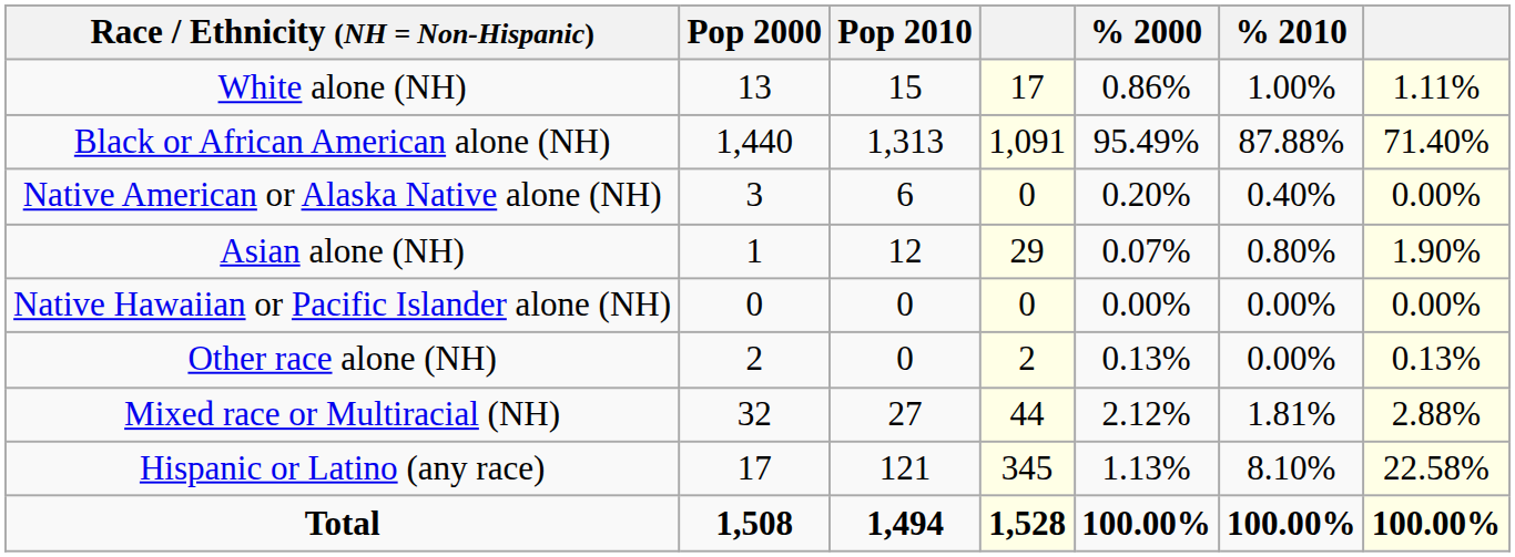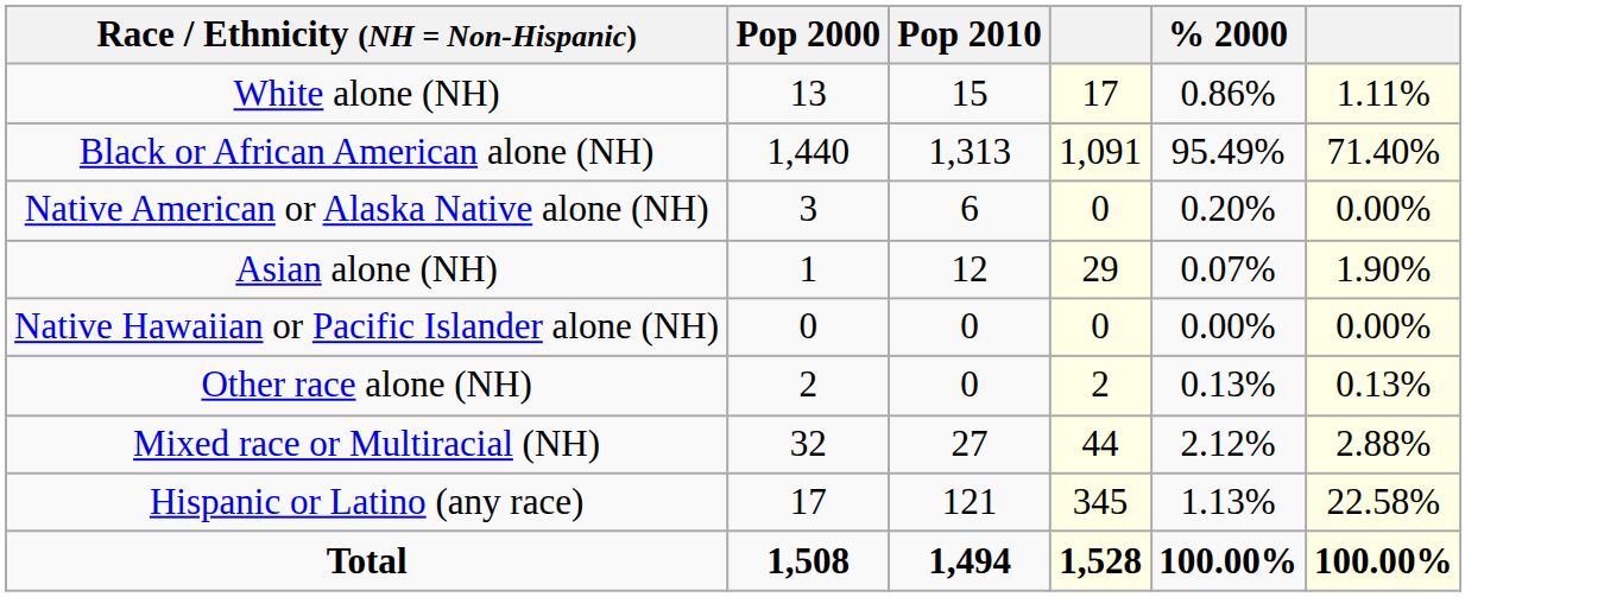 <table class="wikitable" style="text-align:center;">
 <tr>
 <th>Race / Ethnicity <small>(<em>NH = Non-Hispanic</em>)</small></th>
 <th>Pop 2000</th>
 <th>Pop 2010</th>
 <th></th>
 <th>% 2000</th>
-<th>% 2010</th>
 <th></th>
 </tr>
 <tr>
 <td><a href='#'>White</a> alone (NH)</td>
 <td>13</td>
 <td>15</td>
 <td style='background: #ffffe6;'>17</td>
 <td>0.86%</td>
-<td>1.00%</td>
 <td style='background: #ffffe6;'>1.11%</td>
 </tr>
 <tr>
 <td><a href='#'>Black or African American</a> alone (NH)</td>
 <td>1,440</td>
 <td>1,313</td>
 <td style='background: #ffffe6;'>1,091</td>
 <td>95.49%</td>
-<td>87.88%</td>
 <td style='background: #ffffe6;'>71.40%</td>
 </tr>
 <tr>
 <td><a href='#'>Native American</a> or <a href='#'>Alaska Native</a> alone (NH)</td>
 <td>3</td>
 <td>6</td>
 <td style='background: #ffffe6;'>0</td>
 <td>0.20%</td>
-<td>0.40%</td>
 <td style='background: #ffffe6;'>0.00%</td>
 </tr>
 <tr>
 <td><a href='#'>Asian</a> alone (NH)</td>
 <td>1</td>
 <td>12</td>
 <td style='background: #ffffe6;'>29</td>
 <td>0.07%</td>
-<td>0.80%</td>
 <td style='background: #ffffe6;'>1.90%</td>
 </tr>
 <tr>
 <td><a href='#'>Native Hawaiian</a> or <a href='#'>Pacific Islander</a> alone (NH)</td>
 <td>0</td>
 <td>0</td>
 <td style='background: #ffffe6;'>0</td>
-<td>0.00%</td>
 <td>0.00%</td>
 <td style='background: #ffffe6;'>0.00%</td>
 </tr>
 <tr>
 <td><a href='#'>Other race</a> alone (NH)</td>
 <td>2</td>
 <td>0</td>
 <td style='background: #ffffe6;'>2</td>
 <td>0.13%</td>
-<td>0.00%</td>
 <td style='background: #ffffe6;'>0.13%</td>
 </tr>
 <tr>
 <td><a href='#'>Mixed race or Multiracial</a> (NH)</td>
 <td>32</td>
 <td>27</td>
 <td style='background: #ffffe6;'>44</td>
 <td>2.12%</td>
-<td>1.81%</td>
 <td style='background: #ffffe6;'>2.88%</td>
 </tr>
 <tr>
 <td><a href='#'>Hispanic or Latino</a> (any race)</td>
 <td>17</td>
 <td>121</td>
 <td style='background: #ffffe6;'>345</td>
 <td>1.13%</td>
-<td>8.10%</td>
 <td style='background: #ffffe6;'>22.58%</td>
 </tr>
 <tr>
 <td><strong>Total</strong></td>
 <td><strong>1,508</strong></td>
 <td><strong>1,494</strong></td>
 <td style='background: #ffffe6;'><strong>1,528</strong></td>
 <td><strong>100.00%</strong></td>
-<td><strong>100.00%</strong></td>
 <td style='background: #ffffe6;'><strong>100.00%</strong></td>
 </tr>
 </table>
